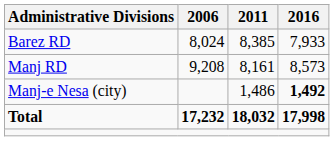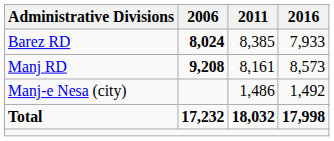 <table class="wikitable">
 <tr>
 <th>Administrative Divisions</th>
 <th>2006</th>
 <th>2011</th>
 <th>2016</th>
 </tr>
 <tr>
 <td><a href='#'>Barez RD</a></td>
-<td style="text-align: right;">8,024</td>
+<td style="text-align: right;"><strong>8,024</strong></td>
 <td style="text-align: right;">8,385</td>
 <td style="text-align: right;">7,933</td>
 </tr>
 <tr>
 <td><a href='#'>Manj RD</a></td>
-<td style="text-align: right;">9,208</td>
+<td style="text-align: right;"><strong>9,208</strong></td>
 <td style="text-align: right;">8,161</td>
 <td style="text-align: right;">8,573</td>
 </tr>
 <tr>
 <td><a href='#'>Manj-e Nesa</a> (city)</td>
 <td style="text-align: right;"></td>
 <td style="text-align: right;">1,486</td>
-<td style="text-align: right;"><strong>1,492</strong></td>
+<td style="text-align: right;">1,492</td>
 </tr>
 <tr>
 <td><strong>Total</strong></td>
 <td style="text-align: right;"><strong>17,232</strong></td>
 <td style="text-align: right;"><strong>18,032</strong></td>
 <td style="text-align: right;"><strong>17,998</strong></td>
 </tr>
 <tr>
 <td colspan=4></td>
 </tr>
 </table>
